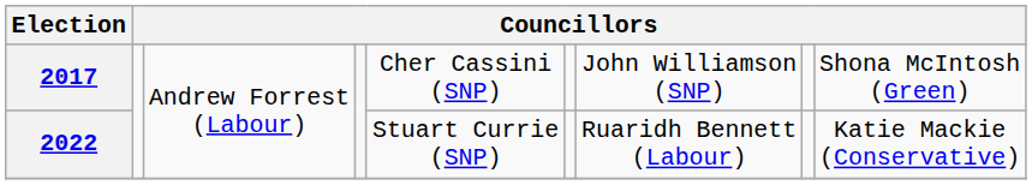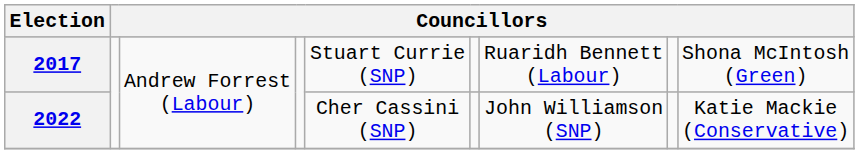 <table class="wikitable" style="text-align:center">
 <tr>
 <th>Election</th>
 <th colspan=8>Councillors</th>
 </tr>
 <tr>
 <th><a href='#'>2017</a></th>
 <td rowspan=2; style="background-color: "></td>
 <td rowspan=2>Andrew Forrest <br>(<a href='#'>Labour</a>)</td>
 <td rowspan=2; style="background-color: "></td>
-<td rowspan=1>Cher Cassini<br>(<a href='#'>SNP</a>)</td>
+<td rowspan=1>Stuart Currie<br>(<a href='#'>SNP</a>)</td>
 <td rowspan=1; style="background-color: "></td>
-<td rowspan=1>John Williamson<br>(<a href='#'>SNP</a>)</td>
+<td rowspan=1>Ruaridh Bennett<br>(<a href='#'>Labour</a>)</td>
 <td rowspan=1; style="background-color: "></td>
 <td rowspan=1>Shona McIntosh<br>(<a href='#'>Green</a>)</td>
 </tr>
 <tr>
 <th><a href='#'>2022</a></th>
-<td rowspan=1>Stuart Currie<br>(<a href='#'>SNP</a>)</td>
+<td rowspan=1>Cher Cassini<br>(<a href='#'>SNP</a>)</td>
 <td rowspan=1; style="background-color: "></td>
-<td rowspan=1>Ruaridh Bennett<br>(<a href='#'>Labour</a>)</td>
+<td rowspan=1>John Williamson<br>(<a href='#'>SNP</a>)</td>
 <td rowspan=1; style="background-color: "></td>
 <td rowspan=1>Katie Mackie<br>(<a href='#'>Conservative</a>)</td>
 </tr>
 <tr>
 </tr>
 </table>
